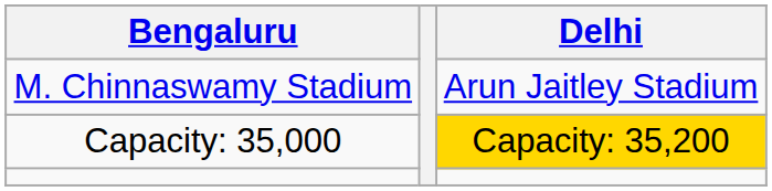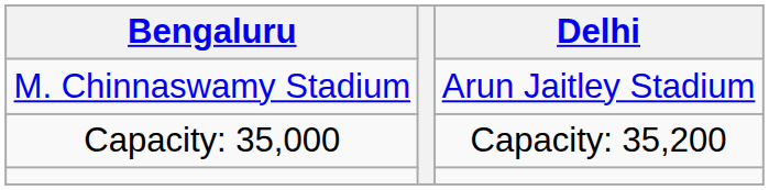 <table class="wikitable" style="text-align:center;margin:auto;">
 <tr>
 <th><a href='#'>Bengaluru</a></th>
 <th rowspan="5"></th>
 <th><a href='#'>Delhi</a></th>
 </tr>
 <tr>
 <td><a href='#'>M. Chinnaswamy Stadium</a></td>
 <td><a href='#'>Arun Jaitley Stadium</a></td>
 </tr>
 <tr>
 <td>Capacity: 35,000</td>
-<td style="background: gold;">Capacity: 35,200</td>
+<td>Capacity: 35,200</td>
 </tr>
 <tr>
 <td></td>
 <td></td>
 </tr>
 </table>
